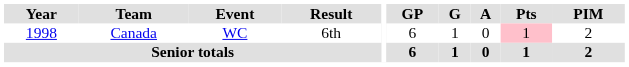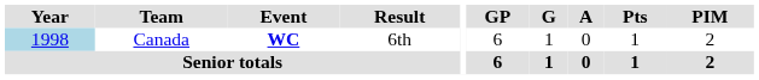 <table border="0" cellpadding="1" cellspacing="0" ID="Table3" style="text-align:center; width:40em">
 <tr ALIGN="center" bgcolor="#e0e0e0">
 <th>Year</th>
 <th>Team</th>
 <th>Event</th>
 <th>Result</th>
 <th rowspan="99" bgcolor="#ffffff"></th>
 <th>GP</th>
 <th>G</th>
 <th>A</th>
 <th>Pts</th>
 <th>PIM</th>
 </tr>
 <tr ALIGN="center">
-<td><a href='#'>1998</a></td>
+<td style="background: lightblue;"><a href='#'>1998</a></td>
 <td><a href='#'>Canada</a></td>
-<td><a href='#'>WC</a></td>
+<td><strong><a href='#'>WC</a></strong></td>
 <td>6th</td>
 <td>6</td>
 <td>1</td>
 <td>0</td>
-<td style="background: pink;">1</td>
+<td>1</td>
 <td>2</td>
 </tr>
 <tr ALIGN="center" bgcolor="#e0e0e0">
 <th colspan=4>Senior totals</th>
 <th>6</th>
 <th>1</th>
 <th>0</th>
 <th>1</th>
 <th>2</th>
 </tr>
 </table>
